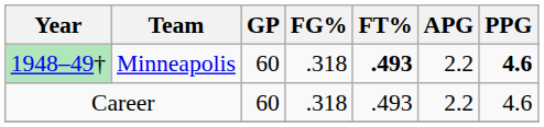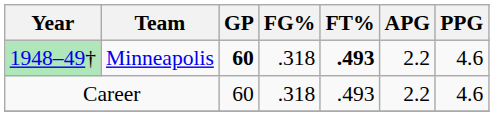 <table class="wikitable sortable" style="font-size:95%; text-align:right;">
 <tr>
 <th>Year</th>
 <th>Team</th>
 <th>GP</th>
 <th>FG%</th>
 <th>FT%</th>
 <th>APG</th>
 <th>PPG</th>
 </tr>
 <tr>
 <td style="text-align:left; background:#afe6ba;"><a href='#'>1948–49</a>†</td>
 <td style="text-align:left;"><a href='#'>Minneapolis</a></td>
-<td>60</td>
+<td><strong>60</strong></td>
 <td>.318</td>
 <td><strong>.493</strong></td>
 <td>2.2</td>
-<td><strong>4.6</strong></td>
+<td>4.6</td>
 </tr>
 <tr>
 <td style="text-align:center;" colspan="2">Career</td>
 <td>60</td>
 <td>.318</td>
 <td>.493</td>
 <td>2.2</td>
 <td>4.6</td>
 </tr>
 <tr>
 </tr>
 </table>
